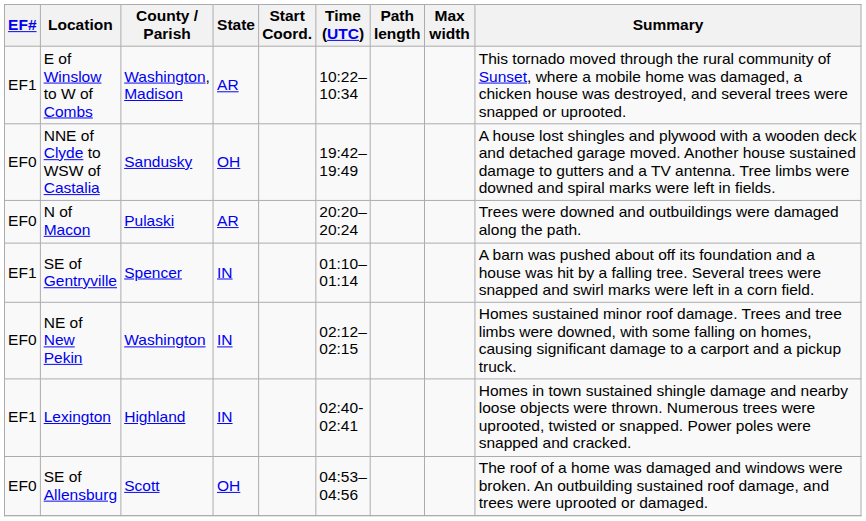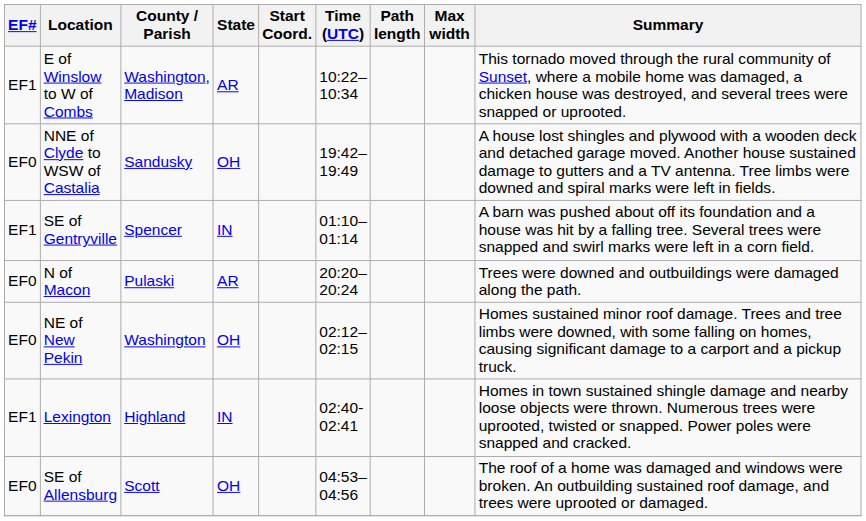 <table class="wikitable sortable" style="width:100%;">
 <tr>
 <th scope="col"  style="width:3%; text-align:center;"><a href='#'>EF#</a></th>
 <th scope="col"  style="width:7%; text-align:center;" class="unsortable">Location</th>
 <th scope="col"  style="width:6%; text-align:center;" class="unsortable">County / Parish</th>
 <th scope="col"  style="width:5%; text-align:center;">State</th>
 <th scope="col"  style="width:6%; text-align:center;">Start Coord.</th>
 <th scope="col"  style="width:6%; text-align:center;">Time (<a href='#'>UTC</a>)</th>
 <th scope="col"  style="width:6%; text-align:center;">Path length</th>
 <th scope="col"  style="width:6%; text-align:center;">Max width</th>
 <th scope="col" class="unsortable" style="width:48%; text-align:center;">Summary</th>
 </tr>
 <tr>
 <td>EF1</td>
 <td>E of <a href='#'>Winslow</a> to W of <a href='#'>Combs</a></td>
 <td><a href='#'>Washington</a>, <a href='#'>Madison</a></td>
 <td><a href='#'>AR</a></td>
 <td></td>
 <td>10:22–10:34</td>
 <td></td>
 <td></td>
 <td>This tornado moved through the rural community of <a href='#'>Sunset</a>, where a mobile home was damaged, a chicken house was destroyed, and several trees were snapped or uprooted.</td>
 </tr>
 <tr>
 <td>EF0</td>
 <td>NNE of <a href='#'>Clyde</a> to WSW of <a href='#'>Castalia</a></td>
 <td><a href='#'>Sandusky</a></td>
 <td><a href='#'>OH</a></td>
 <td></td>
 <td>19:42–19:49</td>
 <td></td>
 <td></td>
 <td>A house lost shingles and plywood with a wooden deck and detached garage moved. Another house sustained damage to gutters and a TV antenna. Tree limbs were downed and spiral marks were left in fields.</td>
 </tr>
 <tr>
-<td>EF0</td>
-<td>N of <a href='#'>Macon</a></td>
-<td><a href='#'>Pulaski</a></td>
-<td><a href='#'>AR</a></td>
-<td></td>
-<td>20:20–20:24</td>
-<td></td>
-<td></td>
-<td>Trees were downed and outbuildings were damaged along the path.</td>
-</tr>
-<tr>
 <td>EF1</td>
 <td>SE of <a href='#'>Gentryville</a></td>
 <td><a href='#'>Spencer</a></td>
 <td><a href='#'>IN</a></td>
 <td></td>
 <td>01:10–01:14</td>
 <td></td>
 <td></td>
 <td>A barn was pushed about  off its foundation and a house was hit by a falling tree. Several trees were snapped and swirl marks were left in a corn field.</td>
 </tr>
 <tr>
 <td>EF0</td>
+<td>N of <a href='#'>Macon</a></td>
+<td><a href='#'>Pulaski</a></td>
+<td><a href='#'>AR</a></td>
+<td></td>
+<td>20:20–20:24</td>
+<td></td>
+<td></td>
+<td>Trees were downed and outbuildings were damaged along the path.</td>
+</tr>
+<tr>
+<td>EF0</td>
 <td>NE of <a href='#'>New Pekin</a></td>
 <td><a href='#'>Washington</a></td>
-<td><a href='#'>IN</a></td>
+<td><a href='#'>OH</a></td>
 <td></td>
 <td>02:12–02:15</td>
 <td></td>
 <td></td>
 <td>Homes sustained minor roof damage. Trees and tree limbs were downed, with some falling on homes, causing significant damage to a carport and a pickup truck.</td>
 </tr>
 <tr>
 <td>EF1</td>
 <td><a href='#'>Lexington</a></td>
 <td><a href='#'>Highland</a></td>
 <td><a href='#'>IN</a></td>
 <td></td>
 <td>02:40-02:41</td>
 <td></td>
 <td></td>
 <td>Homes in town sustained shingle damage and nearby loose objects were thrown. Numerous trees were uprooted, twisted or snapped. Power poles were snapped and cracked.</td>
 </tr>
 <tr>
 <td>EF0</td>
 <td>SE of <a href='#'>Allensburg</a></td>
 <td><a href='#'>Scott</a></td>
 <td><a href='#'>OH</a></td>
 <td></td>
 <td>04:53–04:56</td>
 <td></td>
 <td></td>
 <td>The roof of a home was damaged and windows were broken. An outbuilding sustained roof damage, and trees were uprooted or damaged.</td>
 </tr>
 <tr>
 </tr>
 </table>
